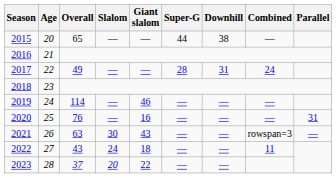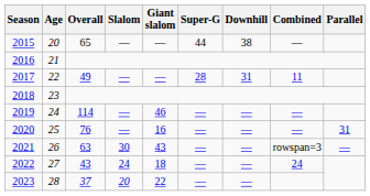 <table class=wikitable style="text-align:center">
 <tr>
 <th>Season</th>
 <th>Age</th>
 <th>Overall</th>
 <th>Slalom</th>
 <th>Giant<br>slalom</th>
 <th>Super-G</th>
 <th>Downhill</th>
 <th>Combined</th>
 <th>Parallel</th>
 </tr>
 <tr>
 <td><a href='#'>2015</a></td>
 <td><em>20</em></td>
 <td>65</td>
 <td>—</td>
 <td>—</td>
 <td>44</td>
 <td>38</td>
 <td>—</td>
 <td></td>
 </tr>
 <tr>
 <td><a href='#'>2016</a></td>
 <td><em>21</em></td>
 <td colspan=7><em></em></td>
 </tr>
 <tr>
 <td><a href='#'>2017</a></td>
 <td><em>22</em></td>
 <td><a href='#'>49</a></td>
 <td><a href='#'>—</a></td>
 <td><a href='#'>—</a></td>
 <td><a href='#'>28</a></td>
 <td><a href='#'>31</a></td>
-<td><a href='#'>24</a></td>
+<td><a href='#'>11</a></td>
 <td></td>
 </tr>
 <tr>
 <td><a href='#'>2018</a></td>
 <td><em>23</em></td>
 <td colspan=7><em></em></td>
 </tr>
 <tr>
 <td><a href='#'>2019</a></td>
 <td><em>24</em></td>
 <td><a href='#'>114</a></td>
 <td><a href='#'>—</a></td>
 <td><a href='#'>46</a></td>
 <td><a href='#'>—</a></td>
 <td><a href='#'>—</a></td>
 <td><a href='#'>—</a></td>
 <td></td>
 </tr>
 <tr>
 <td><a href='#'>2020</a></td>
 <td><em>25</em></td>
 <td><a href='#'>76</a></td>
 <td><a href='#'>—</a></td>
 <td><a href='#'>16</a></td>
 <td><a href='#'>—</a></td>
 <td><a href='#'>—</a></td>
 <td><a href='#'>—</a></td>
 <td><a href='#'>31</a></td>
 </tr>
 <tr>
 <td><a href='#'>2021</a></td>
 <td><em>26</em></td>
 <td><a href='#'>63</a></td>
 <td><a href='#'>30</a></td>
 <td><a href='#'>43</a></td>
 <td><a href='#'>—</a></td>
 <td><a href='#'>—</a></td>
 <td>rowspan=3 </td>
 <td><a href='#'>—</a></td>
 </tr>
 <tr>
 <td><a href='#'>2022</a></td>
 <td><em>27</em></td>
 <td><a href='#'>43</a></td>
 <td><a href='#'>24</a></td>
 <td><a href='#'>18</a></td>
 <td><a href='#'>—</a></td>
 <td><a href='#'>—</a></td>
-<td><a href='#'>11</a></td>
+<td><a href='#'>24</a></td>
 </tr>
 <tr>
 <td><a href='#'>2023</a></td>
 <td><em>28</em></td>
 <td><em><a href='#'>37</a></em></td>
 <td><em><a href='#'>20</a></em></td>
 <td><a href='#'>22</a></td>
 <td><a href='#'>—</a></td>
 <td><a href='#'>—</a></td>
 <td></td>
 </tr>
 </table>
